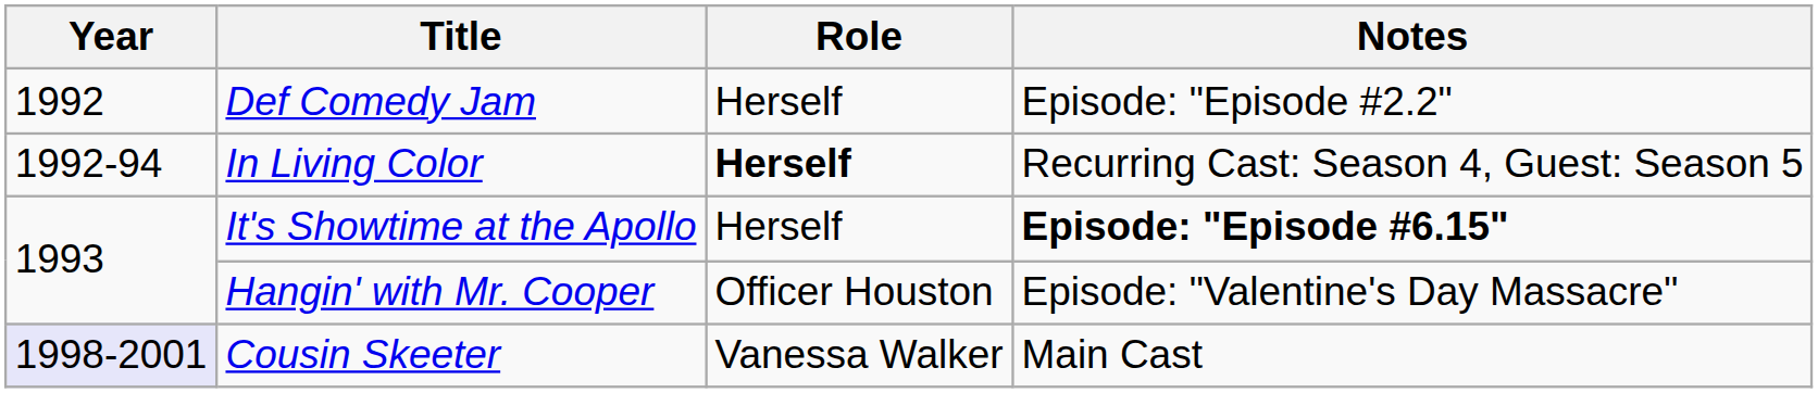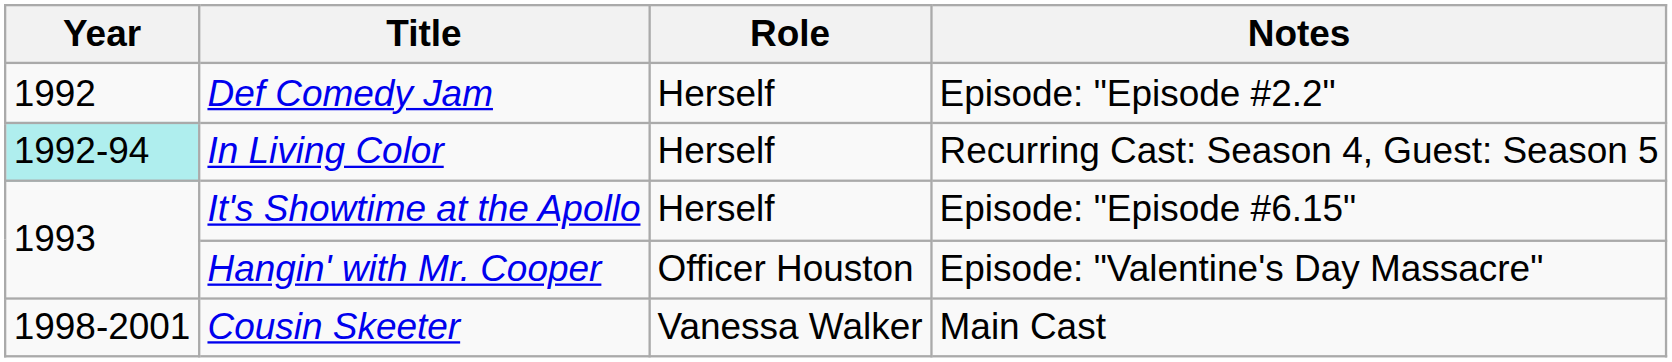 <table class="wikitable sortable">
 <tr>
 <th>Year</th>
 <th>Title</th>
 <th>Role</th>
 <th>Notes</th>
 </tr>
 <tr>
 <td>1992</td>
 <td><em><a href='#'>Def Comedy Jam</a></em></td>
 <td>Herself</td>
 <td>Episode: "Episode #2.2"</td>
 </tr>
 <tr>
-<td>1992-94</td>
+<td style="background: paleturquoise;">1992-94</td>
 <td><em><a href='#'>In Living Color</a></em></td>
-<td><strong>Herself</strong></td>
+<td>Herself</td>
 <td>Recurring Cast: Season 4, Guest: Season 5</td>
 </tr>
 <tr>
 <td rowspan=2>1993</td>
 <td><em><a href='#'>It's Showtime at the Apollo</a></em></td>
 <td>Herself</td>
-<td><strong>Episode: "Episode #6.15"</strong></td>
+<td>Episode: "Episode #6.15"</td>
 </tr>
 <tr>
 <td><em><a href='#'>Hangin' with Mr. Cooper</a></em></td>
 <td>Officer Houston</td>
 <td>Episode: "Valentine's Day Massacre"</td>
 </tr>
 <tr>
-<td style="background: lavender;">1998-2001</td>
+<td>1998-2001</td>
 <td><em><a href='#'>Cousin Skeeter</a></em></td>
 <td>Vanessa Walker</td>
 <td>Main Cast</td>
 </tr>
 </table>
